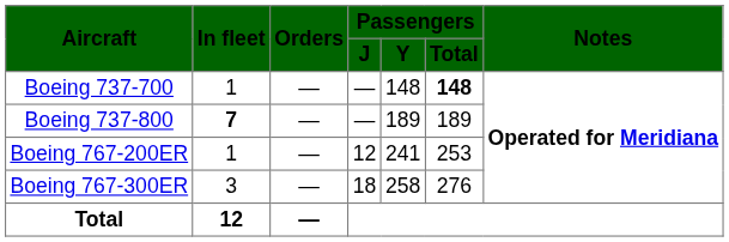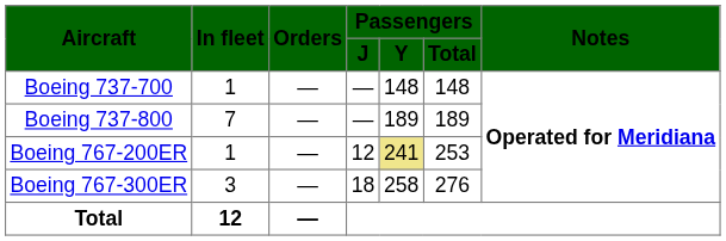 <table class="toccolours" border="1" cellpadding="3" style="border-collapse:collapse;text-align:center">
 <tr bgcolor=darkgreen>
 <th rowspan="2"><span>Aircraft</span></th>
 <th rowspan="2"><span>In fleet</span></th>
 <th rowspan="2"><span>Orders</span></th>
 <th colspan="3"><span>Passengers</span></th>
 <th rowspan="2"><span>Notes</span></th>
 </tr>
 <tr bgcolor=darkgreen>
 <th><abbr><span>J</span></abbr></th>
 <th><abbr><span>Y</span></abbr></th>
 <th><span>Total</span></th>
 </tr>
 <tr>
 <td><a href='#'>Boeing 737-700</a></td>
 <td>1</td>
 <td>—</td>
 <td>—</td>
 <td>148</td>
-<td><strong>148</strong></td>
+<td>148</td>
 <td rowspan="4"><strong>Operated for <a href='#'>Meridiana</a></strong></td>
 </tr>
 <tr>
 <td><a href='#'>Boeing 737-800</a></td>
-<td><strong>7</strong></td>
+<td>7</td>
 <td>—</td>
 <td>—</td>
 <td>189</td>
 <td>189</td>
 </tr>
 <tr>
 <td><a href='#'>Boeing 767-200ER</a></td>
 <td>1</td>
 <td>—</td>
 <td>12</td>
-<td>241</td>
+<td style="background: khaki;">241</td>
 <td>253</td>
 </tr>
 <tr>
 <td><a href='#'>Boeing 767-300ER</a></td>
 <td>3</td>
 <td>—</td>
 <td>18</td>
 <td>258</td>
 <td>276</td>
 </tr>
 <tr>
 <th>Total</th>
 <th>12</th>
 <th>—</th>
 <td colspan="4"></td>
 </tr>
 </table>
